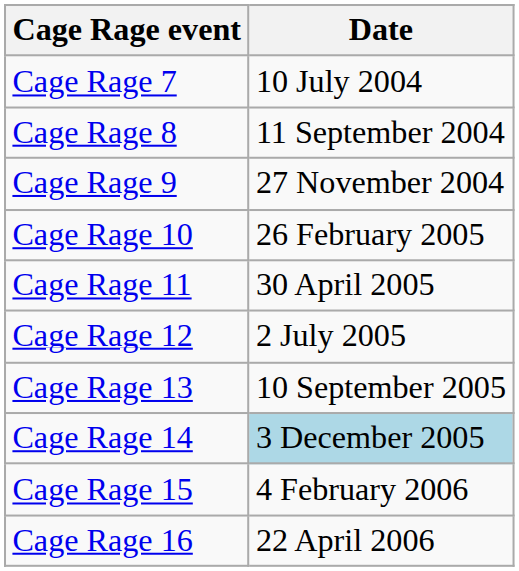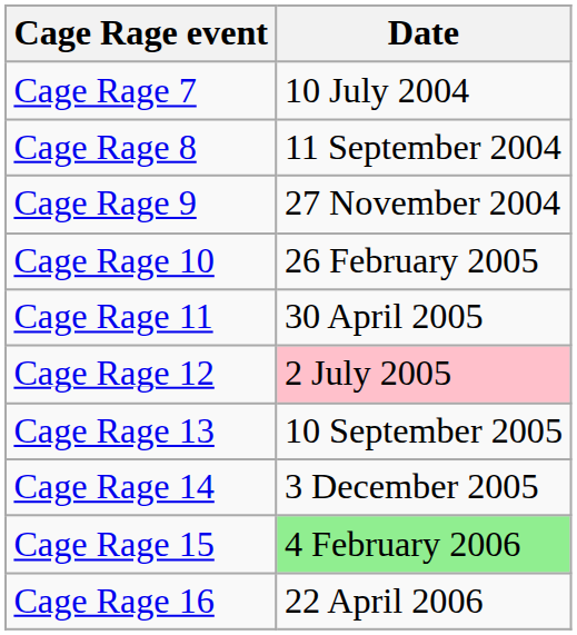 <table class="wikitable">
 <tr>
 <th>Cage Rage event</th>
 <th>Date</th>
 </tr>
 <tr>
 <td><a href='#'>Cage Rage 7</a></td>
 <td>10 July 2004</td>
 </tr>
 <tr>
 <td><a href='#'>Cage Rage 8</a></td>
 <td>11 September 2004</td>
 </tr>
 <tr>
 <td><a href='#'>Cage Rage 9</a></td>
 <td>27 November 2004</td>
 </tr>
 <tr>
 <td><a href='#'>Cage Rage 10</a></td>
 <td>26 February 2005</td>
 </tr>
 <tr>
 <td><a href='#'>Cage Rage 11</a></td>
 <td>30 April 2005</td>
 </tr>
 <tr>
 <td><a href='#'>Cage Rage 12</a></td>
-<td>2 July 2005</td>
+<td style="background: pink;">2 July 2005</td>
 </tr>
 <tr>
 <td><a href='#'>Cage Rage 13</a></td>
 <td>10 September 2005</td>
 </tr>
 <tr>
 <td><a href='#'>Cage Rage 14</a></td>
-<td style="background: lightblue;">3 December 2005</td>
+<td>3 December 2005</td>
 </tr>
 <tr>
 <td><a href='#'>Cage Rage 15</a></td>
-<td>4 February 2006</td>
+<td style="background: lightgreen;">4 February 2006</td>
 </tr>
 <tr>
 <td><a href='#'>Cage Rage 16</a></td>
 <td>22 April 2006</td>
 </tr>
 </table>
